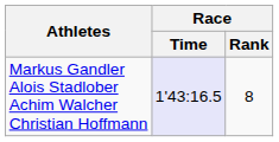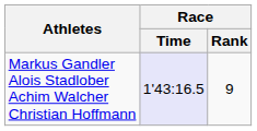 <table class="wikitable" border="1" style="font-size:90%">
 <tr>
 <th rowspan=2>Athletes</th>
 <th colspan=2>Race</th>
 </tr>
 <tr>
 <th>Time</th>
 <th>Rank</th>
 </tr>
 <tr>
 <td><a href='#'>Markus Gandler</a><br><a href='#'>Alois Stadlober</a><br><a href='#'>Achim Walcher</a><br><a href='#'>Christian Hoffmann</a></td>
 <td align=center style="background: lavender;">1'43:16.5</td>
-<td align=center>8</td>
+<td align=center>9</td>
 </tr>
 </table>
